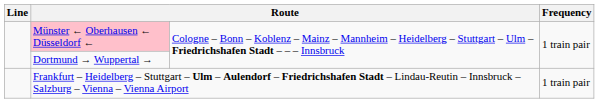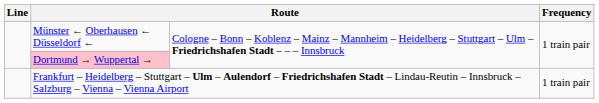 <table class="wikitable">
 <tr>
 <th>Line</th>
 <th colspan=2>Route</th>
 <th>Frequency</th>
 </tr>
 <tr>
 <td rowspan=2></td>
-<td style="background: pink;"><a href='#'>Münster</a> ← <a href='#'>Oberhausen</a> ← <a href='#'>Düsseldorf</a> ←</td>
+<td><a href='#'>Münster</a> ← <a href='#'>Oberhausen</a> ← <a href='#'>Düsseldorf</a> ←</td>
 <td rowspan="2"><a href='#'>Cologne</a> – <a href='#'>Bonn</a> – <a href='#'>Koblenz</a> – <a href='#'>Mainz</a> – <a href='#'>Mannheim</a> – <a href='#'>Heidelberg</a> – <a href='#'>Stuttgart</a> – <a href='#'>Ulm</a> – <strong>Friedrichshafen Stadt</strong> –  –  –  <a href='#'>Innsbruck</a></td>
 <td rowspan="2">1 train pair</td>
 </tr>
 <tr>
-<td><a href='#'>Dortmund</a> → <a href='#'>Wuppertal</a> →</td>
+<td style="background: pink;"><a href='#'>Dortmund</a> → <a href='#'>Wuppertal</a> →</td>
 </tr>
 <tr>
 <td align="center"></td>
 <td colspan=2><a href='#'>Frankfurt</a> – <a href='#'>Heidelberg</a> – Stuttgart – <strong>Ulm</strong> – <strong>Aulendorf</strong> – <strong>Friedrichshafen Stadt</strong> – Lindau-Reutin – Innsbruck – <a href='#'>Salzburg</a> – <a href='#'>Vienna</a> – <a href='#'>Vienna Airport</a></td>
 <td>1 train pair</td>
 </tr>
 </table>
